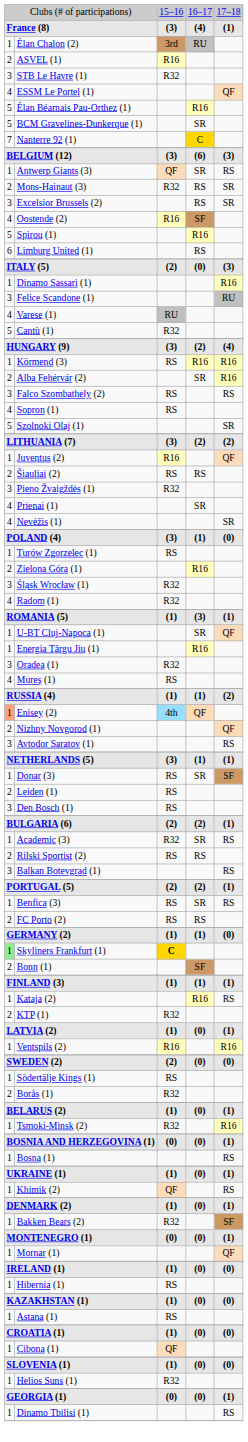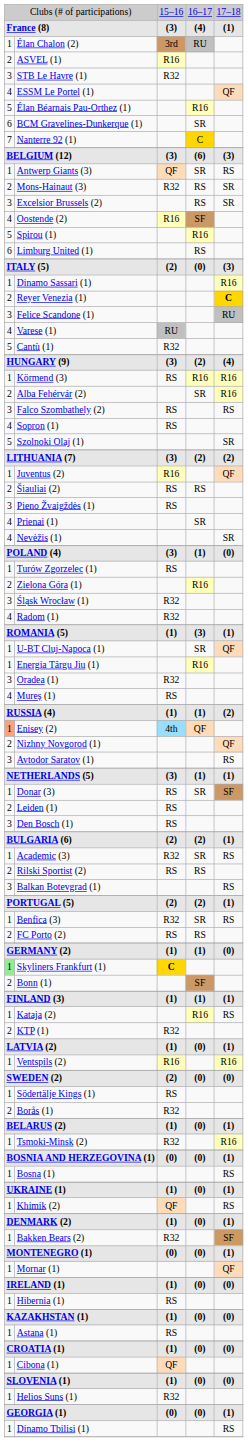 <table class=wikitable style="text-align:center;font-size:90%">
 <tr style="background:#ccc">
 <td colspan="2">Clubs (# of participations)</td>
 <td><a href='#'>15–16</a></td>
 <td><a href='#'>16–17</a></td>
 <td><a href='#'>17–18</a></td>
 </tr>
 <tr style="background:#e6e6e6">
 <td colspan="2" align="left"> <strong><a href='#'>France</a> (8)</strong></td>
 <td><strong>(3)</strong></td>
 <td><strong>(4)</strong></td>
 <td><strong>(1)</strong></td>
 </tr>
 <tr>
 <td>1</td>
 <td align="left"><a href='#'>Élan Chalon</a> (2)</td>
 <td bgcolor=#cc9966>3rd</td>
 <td bgcolor=silver>RU</td>
 <td></td>
 </tr>
 <tr>
 <td>2</td>
 <td align="left"><a href='#'>ASVEL</a> (1)</td>
 <td bgcolor=#FFFFBB>R16</td>
 <td></td>
 <td></td>
 </tr>
 <tr>
 <td>3</td>
 <td align="left"><a href='#'>STB Le Havre</a> (1)</td>
 <td>R32</td>
 <td></td>
 <td></td>
 </tr>
 <tr>
 <td>4</td>
 <td align="left"><a href='#'>ESSM Le Portel</a> (1)</td>
 <td></td>
 <td></td>
 <td bgcolor=#FEDCBA>QF</td>
 </tr>
 <tr>
 <td>5</td>
 <td align="left"><a href='#'>Élan Béarnais Pau-Orthez</a> (1)</td>
 <td></td>
 <td bgcolor=#FFFFBB>R16</td>
 <td></td>
 </tr>
 <tr>
-<td>5</td>
+<td>6</td>
 <td align="left"><a href='#'>BCM Gravelines-Dunkerque</a> (1)</td>
 <td></td>
 <td>SR</td>
 <td></td>
 </tr>
 <tr>
 <td>7</td>
 <td align="left"><a href='#'>Nanterre 92</a> (1)</td>
 <td></td>
 <td bgcolor=gold>C</td>
 <td></td>
 </tr>
 <tr>
 </tr>
 <tr style="background:#e6e6e6">
 <td colspan="2" align="left"> <strong><a href='#'>BELGIUM</a> (12)</strong></td>
 <td><strong>(3)</strong></td>
 <td><strong>(6)</strong></td>
 <td><strong>(3)</strong></td>
 </tr>
 <tr>
 <td>1</td>
 <td align="left"><a href='#'>Antwerp Giants</a> (3)</td>
 <td bgcolor=#FEDCBA>QF</td>
 <td>SR</td>
 <td>RS</td>
 </tr>
 <tr>
 <td>2</td>
 <td align="left"><a href='#'>Mons-Hainaut</a> (3)</td>
 <td>R32</td>
 <td>RS</td>
 <td>SR</td>
 </tr>
 <tr>
 <td>3</td>
 <td align="left"><a href='#'>Excelsior Brussels</a> (2)</td>
 <td></td>
 <td>RS</td>
 <td>SR</td>
 </tr>
 <tr>
 <td>4</td>
 <td align="left"><a href='#'>Oostende</a> (2)</td>
 <td bgcolor=#FFFFBB>R16</td>
 <td bgcolor=#cc9966>SF</td>
 <td></td>
 </tr>
 <tr>
 <td>5</td>
 <td align="left"><a href='#'>Spirou</a> (1)</td>
 <td></td>
 <td bgcolor=#FFFFBB>R16</td>
 <td></td>
 </tr>
 <tr>
 <td>6</td>
 <td align="left"><a href='#'>Limburg United</a> (1)</td>
 <td></td>
 <td>RS</td>
 <td></td>
 </tr>
 <tr>
 </tr>
 <tr style="background:#e6e6e6">
 <td colspan="2" align="left"> <strong><a href='#'>ITALY</a> (5)</strong></td>
 <td><strong>(2)</strong></td>
 <td><strong>(0)</strong></td>
 <td><strong>(3)</strong></td>
 </tr>
 <tr>
 <td>1</td>
 <td align="left"><a href='#'>Dinamo Sassari</a> (1)</td>
 <td></td>
 <td></td>
 <td bgcolor=#FFFFBB>R16</td>
+</tr>
+<tr>
+<td>2</td>
+<td align="left"><a href='#'>Reyer Venezia</a> (1)</td>
+<td></td>
+<td></td>
+<td bgcolor=gold><strong>C</strong></td>
 </tr>
 <tr>
 <td>3</td>
 <td align="left"><a href='#'>Felice Scandone</a> (1)</td>
 <td></td>
 <td></td>
 <td bgcolor=silver>RU</td>
 </tr>
 <tr>
 <td>4</td>
 <td align="left"><a href='#'>Varese</a> (1)</td>
 <td bgcolor=silver>RU</td>
 <td></td>
 <td></td>
 </tr>
 <tr>
 <td>5</td>
 <td align="left"><a href='#'>Cantù</a> (1)</td>
 <td>R32</td>
 <td></td>
 <td></td>
 </tr>
 <tr>
 </tr>
 <tr style="background:#e6e6e6">
 <td colspan="2" align="left"> <strong><a href='#'>HUNGARY</a> (9)</strong></td>
 <td><strong>(3)</strong></td>
 <td><strong>(2)</strong></td>
 <td><strong>(4)</strong></td>
 </tr>
 <tr>
 <td>1</td>
 <td align="left"><a href='#'>Körmend</a> (3)</td>
 <td>RS</td>
 <td bgcolor=#FFFFBB>R16</td>
 <td bgcolor=#FFFFBB>R16</td>
 </tr>
 <tr>
 <td>2</td>
 <td align="left"><a href='#'>Alba Fehérvár</a> (2)</td>
 <td></td>
 <td>SR</td>
 <td bgcolor=#FFFFBB>R16</td>
 </tr>
 <tr>
 <td>3</td>
 <td align="left"><a href='#'>Falco Szombathely</a> (2)</td>
 <td>RS</td>
 <td></td>
 <td>RS</td>
 </tr>
 <tr>
 <td>4</td>
 <td align="left"><a href='#'>Sopron</a> (1)</td>
 <td>RS</td>
 <td></td>
 <td></td>
 </tr>
 <tr>
 <td>5</td>
 <td align="left"><a href='#'>Szolnoki Olaj</a> (1)</td>
 <td></td>
 <td></td>
 <td>SR</td>
 </tr>
 <tr>
 </tr>
 <tr style="background:#e6e6e6">
 <td colspan="2" align="left"> <strong><a href='#'>LITHUANIA</a> (7)</strong></td>
 <td><strong>(3)</strong></td>
 <td><strong>(2)</strong></td>
 <td><strong>(2)</strong></td>
 </tr>
 <tr>
 <td>1</td>
 <td align="left"><a href='#'>Juventus</a> (2)</td>
 <td bgcolor=#FFFFBB>R16</td>
 <td></td>
 <td bgcolor=#FEDCBA>QF</td>
 </tr>
 <tr>
 <td>2</td>
 <td align="left"><a href='#'>Šiauliai</a> (2)</td>
 <td>RS</td>
 <td>RS</td>
 <td></td>
 </tr>
 <tr>
 <td>3</td>
 <td align="left"><a href='#'>Pieno Žvaigždės</a> (1)</td>
-<td>R32</td>
+<td>RS</td>
 <td></td>
 <td></td>
 </tr>
 <tr>
 <td>4</td>
 <td align="left"><a href='#'>Prienai</a> (1)</td>
 <td></td>
 <td>SR</td>
 <td></td>
 </tr>
 <tr>
 <td>4</td>
 <td align="left"><a href='#'>Nevėžis</a> (1)</td>
 <td></td>
 <td></td>
 <td>SR</td>
 </tr>
 <tr>
 </tr>
 <tr style="background:#e6e6e6">
 <td colspan="2" align="left"> <strong><a href='#'>POLAND</a> (4)</strong></td>
 <td><strong>(3)</strong></td>
 <td><strong>(1)</strong></td>
 <td><strong>(0)</strong></td>
 </tr>
 <tr>
 <td>1</td>
 <td align="left"><a href='#'>Turów Zgorzelec</a> (1)</td>
 <td>RS</td>
 <td></td>
 <td></td>
 </tr>
 <tr>
 <td>2</td>
 <td align="left"><a href='#'>Zielona Góra</a> (1)</td>
 <td></td>
 <td bgcolor=#FFFFBB>R16</td>
 <td></td>
 </tr>
 <tr>
 <td>3</td>
 <td align="left"><a href='#'>Śląsk Wrocław</a> (1)</td>
 <td>R32</td>
 <td></td>
 <td></td>
 </tr>
 <tr>
 <td>4</td>
 <td align="left"><a href='#'>Radom</a> (1)</td>
 <td>R32</td>
 <td></td>
 <td></td>
 </tr>
 <tr>
 </tr>
 <tr style="background:#e6e6e6">
 <td colspan="2" align="left"> <strong><a href='#'>ROMANIA</a> (5)</strong></td>
 <td><strong>(1)</strong></td>
 <td><strong>(3)</strong></td>
 <td><strong>(1)</strong></td>
 </tr>
 <tr>
 <td>1</td>
 <td align="left"><a href='#'>U-BT Cluj-Napoca</a> (1)</td>
 <td></td>
 <td>SR</td>
 <td bgcolor=#FEDCBA>QF</td>
 </tr>
 <tr>
 <td>1</td>
 <td align="left"><a href='#'>Energia Târgu Jiu</a> (1)</td>
 <td></td>
 <td bgcolor=#FFFFBB>R16</td>
 <td></td>
 </tr>
 <tr>
 <td>3</td>
 <td align="left"><a href='#'>Oradea</a> (1)</td>
 <td>R32</td>
 <td></td>
 <td></td>
 </tr>
 <tr>
 <td>4</td>
 <td align="left"><a href='#'>Mureș</a> (1)</td>
 <td>RS</td>
 <td></td>
 <td></td>
 </tr>
 <tr>
 </tr>
 <tr style="background:#e6e6e6">
 <td colspan="2" align="left"> <strong><a href='#'>RUSSIA</a> (4)</strong></td>
 <td><strong>(1)</strong></td>
 <td><strong>(1)</strong></td>
 <td><strong>(2)</strong></td>
 </tr>
 <tr>
 <td style="background: lightsalmon;">1</td>
 <td align="left"><a href='#'>Enisey</a> (2)</td>
 <td bgcolor=#97DEFF>4th</td>
 <td bgcolor=#FEDCBA>QF</td>
 <td></td>
 </tr>
 <tr>
 <td>2</td>
 <td align="left"><a href='#'>Nizhny Novgorod</a> (1)</td>
 <td></td>
 <td></td>
 <td bgcolor=#FEDCBA>QF</td>
 </tr>
 <tr>
 <td>3</td>
 <td align="left"><a href='#'>Avtodor Saratov</a> (1)</td>
 <td></td>
 <td></td>
 <td>RS</td>
 </tr>
 <tr>
 </tr>
 <tr style="background:#e6e6e6">
 <td colspan="2" align="left"> <strong><a href='#'>NETHERLANDS</a> (5)</strong></td>
 <td><strong>(3)</strong></td>
 <td><strong>(1)</strong></td>
 <td><strong>(1)</strong></td>
 </tr>
 <tr>
 <td>1</td>
 <td align="left"><a href='#'>Donar</a> (3)</td>
 <td>RS</td>
 <td>SR</td>
 <td bgcolor=#cc9966>SF</td>
 </tr>
 <tr>
 <td>2</td>
 <td align="left"><a href='#'>Leiden</a> (1)</td>
 <td>RS</td>
 <td></td>
 <td></td>
 </tr>
 <tr>
 <td>3</td>
 <td align="left"><a href='#'>Den Bosch</a> (1)</td>
 <td>RS</td>
 <td></td>
 <td></td>
 </tr>
 <tr>
 </tr>
 <tr style="background:#e6e6e6">
 <td colspan="2" align="left"> <strong><a href='#'>BULGARIA</a> (6)</strong></td>
 <td><strong>(2)</strong></td>
 <td><strong>(2)</strong></td>
 <td><strong>(1)</strong></td>
 </tr>
 <tr>
 <td>1</td>
 <td align="left"><a href='#'>Academic</a> (3)</td>
 <td>R32</td>
 <td>SR</td>
 <td>RS</td>
 </tr>
 <tr>
 <td>2</td>
 <td align="left"><a href='#'>Rilski Sportist</a> (2)</td>
 <td>RS</td>
 <td>RS</td>
 <td></td>
 </tr>
 <tr>
 <td>3</td>
 <td align="left"><a href='#'>Balkan Botevgrad</a> (1)</td>
 <td></td>
 <td></td>
 <td>RS</td>
 </tr>
 <tr>
 </tr>
 <tr style="background:#e6e6e6">
 <td colspan="2" align="left"> <strong><a href='#'>PORTUGAL</a> (5)</strong></td>
 <td><strong>(2)</strong></td>
 <td><strong>(2)</strong></td>
 <td><strong>(1)</strong></td>
 </tr>
 <tr>
 <td>1</td>
 <td align="left"><a href='#'>Benfica</a> (3)</td>
-<td>RS</td>
+<td>R32</td>
 <td>SR</td>
 <td>RS</td>
 </tr>
 <tr>
 <td>2</td>
 <td align="left"><a href='#'>FC Porto</a> (2)</td>
 <td>RS</td>
 <td>RS</td>
 <td></td>
 </tr>
 <tr>
 </tr>
 <tr style="background:#e6e6e6">
 <td colspan="2" align="left"> <strong><a href='#'>GERMANY</a> (2)</strong></td>
 <td><strong>(1)</strong></td>
 <td><strong>(1)</strong></td>
 <td><strong>(0)</strong></td>
 </tr>
 <tr>
 <td style="background: lightgreen;">1</td>
 <td align="left"><a href='#'>Skyliners Frankfurt</a> (1)</td>
 <td bgcolor=gold><strong>C</strong></td>
 <td></td>
 <td></td>
 </tr>
 <tr>
 <td>2</td>
 <td align="left"><a href='#'>Bonn</a> (1)</td>
 <td></td>
 <td bgcolor=#cc9966>SF</td>
 <td></td>
 </tr>
 <tr>
 </tr>
 <tr style="background:#e6e6e6">
 <td colspan="2" align="left"> <strong><a href='#'>FINLAND</a> (3)</strong></td>
 <td><strong>(1)</strong></td>
 <td><strong>(1)</strong></td>
 <td><strong>(1)</strong></td>
 </tr>
 <tr>
 <td>1</td>
 <td align="left"><a href='#'>Kataja</a> (2)</td>
 <td></td>
 <td bgcolor=#FFFFBB>R16</td>
 <td>RS</td>
 </tr>
 <tr>
 <td>2</td>
 <td align="left"><a href='#'>KTP</a> (1)</td>
 <td>R32</td>
 <td></td>
 <td></td>
 </tr>
 <tr style="background:#e6e6e6">
 <td colspan="2" align="left"> <strong><a href='#'>LATVIA</a> (2)</strong></td>
 <td><strong>(1)</strong></td>
 <td><strong>(0)</strong></td>
 <td><strong>(1)</strong></td>
 </tr>
 <tr>
 <td>1</td>
 <td align="left"><a href='#'>Ventspils</a> (2)</td>
 <td bgcolor=#FFFFBB>R16</td>
 <td></td>
 <td bgcolor=#FFFFBB>R16</td>
 </tr>
 <tr>
 </tr>
 <tr style="background:#e6e6e6">
 <td colspan="2" align="left"> <strong><a href='#'>SWEDEN</a> (2)</strong></td>
 <td><strong>(2)</strong></td>
 <td><strong>(0)</strong></td>
 <td><strong>(0)</strong></td>
 </tr>
 <tr>
 <td>1</td>
 <td align="left"><a href='#'>Södertälje Kings</a> (1)</td>
 <td>RS</td>
 <td></td>
 <td></td>
 </tr>
 <tr>
 <td>2</td>
 <td align="left"><a href='#'>Borås</a> (1)</td>
 <td>R32</td>
 <td></td>
 <td></td>
 </tr>
 <tr>
 </tr>
 <tr style="background:#e6e6e6">
 <td colspan="2" align="left"> <strong><a href='#'>BELARUS</a> (2)</strong></td>
 <td><strong>(1)</strong></td>
 <td><strong>(0)</strong></td>
 <td><strong>(1)</strong></td>
 </tr>
 <tr>
 <td>1</td>
 <td align="left"><a href='#'>Tsmoki-Minsk</a> (2)</td>
 <td>R32</td>
 <td></td>
 <td bgcolor=#FFFFBB>R16</td>
 </tr>
 <tr>
 </tr>
 <tr style="background:#e6e6e6">
 <td colspan="2" align="left"> <strong><a href='#'>BOSNIA AND HERZEGOVINA</a> (1)</strong></td>
 <td><strong>(0)</strong></td>
 <td><strong>(0)</strong></td>
 <td><strong>(1)</strong></td>
 </tr>
 <tr>
 <td>1</td>
 <td align="left"><a href='#'>Bosna</a> (1)</td>
 <td></td>
 <td></td>
 <td>RS</td>
 </tr>
 <tr>
 </tr>
 <tr style="background:#e6e6e6">
 <td colspan="2" align="left"> <strong><a href='#'>UKRAINE</a> (1)</strong></td>
 <td><strong>(1)</strong></td>
 <td><strong>(0)</strong></td>
 <td><strong>(1)</strong></td>
 </tr>
 <tr>
 <td>1</td>
 <td align="left"><a href='#'>Khimik</a> (2)</td>
 <td bgcolor=#FEDCBA>QF</td>
 <td></td>
 <td>RS</td>
 </tr>
 <tr>
 </tr>
 <tr style="background:#e6e6e6">
 <td colspan="2" align="left"> <strong><a href='#'>DENMARK</a> (2)</strong></td>
 <td><strong>(1)</strong></td>
 <td><strong>(0)</strong></td>
 <td><strong>(1)</strong></td>
 </tr>
 <tr>
 <td>1</td>
 <td align="left"><a href='#'>Bakken Bears</a> (2)</td>
 <td>R32</td>
 <td></td>
 <td bgcolor=#cc996>SF</td>
 </tr>
 <tr style="background:#e6e6e6">
 <td colspan="2" align="left"> <strong><a href='#'>MONTENEGRO</a> (1)</strong></td>
 <td><strong>(0)</strong></td>
 <td><strong>(0)</strong></td>
 <td><strong>(1)</strong></td>
 </tr>
 <tr>
 <td>1</td>
 <td align="left"><a href='#'>Mornar</a> (1)</td>
 <td></td>
 <td></td>
 <td bgcolor=#FEDCBA>QF</td>
 </tr>
 <tr>
 </tr>
 <tr style="background:#e6e6e6">
 <td colspan="2" align="left"> <strong><a href='#'>IRELAND</a> (1)</strong></td>
 <td><strong>(1)</strong></td>
 <td><strong>(0)</strong></td>
 <td><strong>(0)</strong></td>
 </tr>
 <tr>
 <td>1</td>
 <td align="left"><a href='#'>Hibernia</a> (1)</td>
 <td>RS</td>
 <td></td>
 <td></td>
 </tr>
 <tr>
 </tr>
 <tr style="background:#e6e6e6">
 <td colspan="2" align="left"> <strong><a href='#'>KAZAKHSTAN</a> (1)</strong></td>
 <td><strong>(1)</strong></td>
 <td><strong>(0)</strong></td>
 <td><strong>(0)</strong></td>
 </tr>
 <tr>
 <td>1</td>
 <td align="left"><a href='#'>Astana</a> (1)</td>
 <td>RS</td>
 <td></td>
 <td></td>
 </tr>
 <tr>
 </tr>
 <tr style="background:#e6e6e6">
 <td colspan="2" align="left"> <strong><a href='#'>CROATIA</a> (1)</strong></td>
 <td><strong>(1)</strong></td>
 <td><strong>(0)</strong></td>
 <td><strong>(0)</strong></td>
 </tr>
 <tr>
 <td>1</td>
 <td align="left"><a href='#'>Cibona</a> (1)</td>
 <td bgcolor=#FEDCBA>QF</td>
 <td></td>
 <td></td>
 </tr>
 <tr>
 </tr>
 <tr style="background:#e6e6e6">
 <td colspan="2" align="left"> <strong><a href='#'>SLOVENIA</a> (1)</strong></td>
 <td><strong>(1)</strong></td>
 <td><strong>(0)</strong></td>
 <td><strong>(0)</strong></td>
 </tr>
 <tr>
 <td>1</td>
 <td align="left"><a href='#'>Helios Suns</a> (1)</td>
 <td>R32</td>
 <td></td>
 <td></td>
 </tr>
 <tr>
 </tr>
 <tr style="background:#e6e6e6">
 <td colspan="2" align="left"> <strong><a href='#'>GEORGIA</a> (1)</strong></td>
 <td><strong>(0)</strong></td>
 <td><strong>(0)</strong></td>
 <td><strong>(1)</strong></td>
 </tr>
 <tr>
 <td>1</td>
 <td align="left"><a href='#'>Dinamo Tbilisi</a> (1)</td>
 <td></td>
 <td></td>
 <td>RS</td>
 </tr>
 <tr>
 </tr>
 </table>
